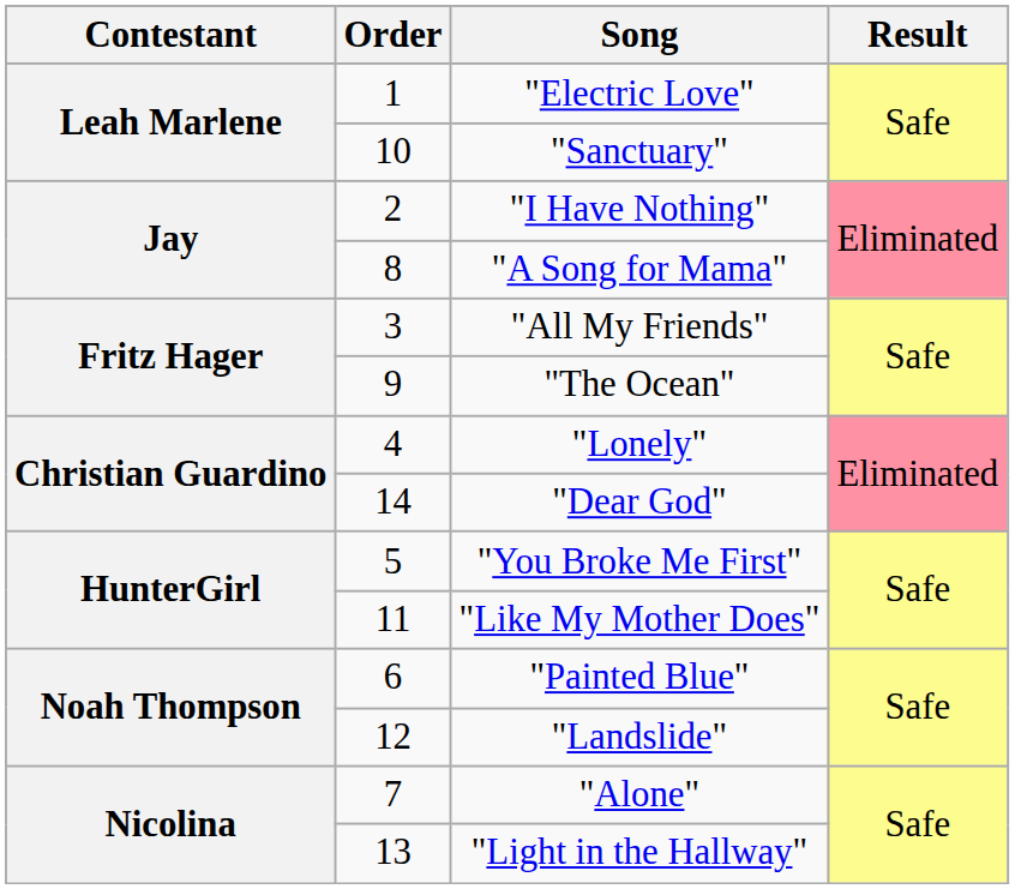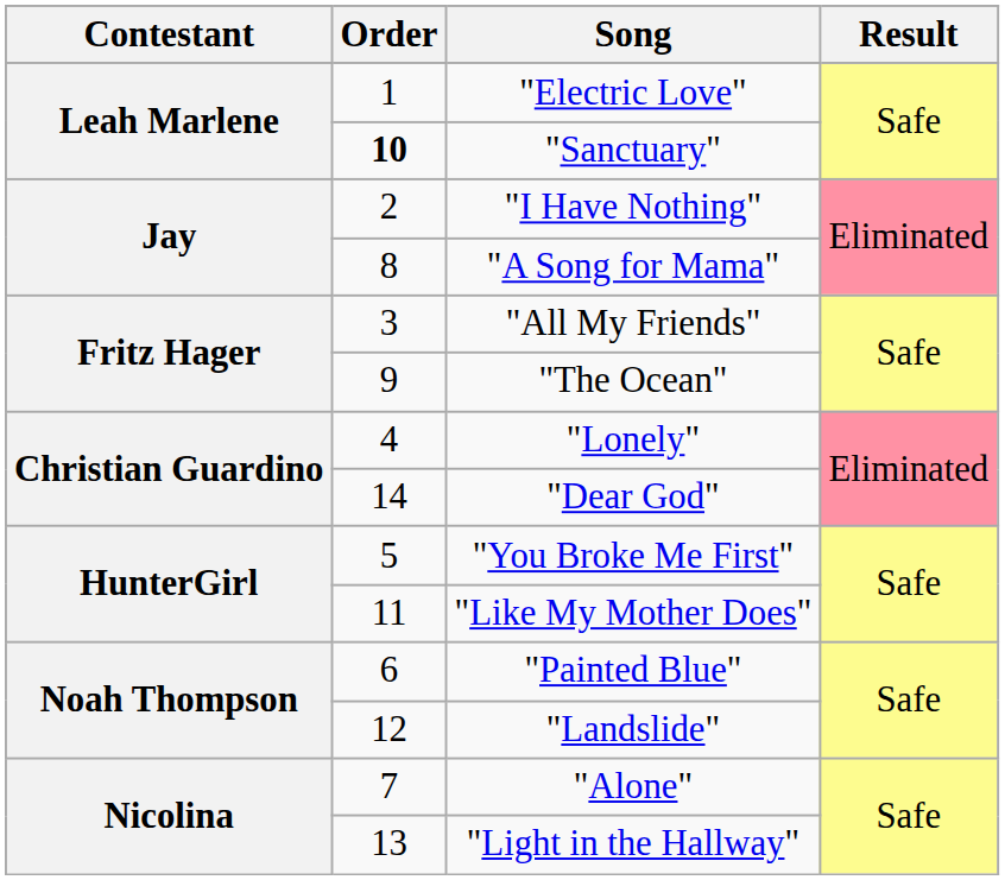 <table class="wikitable unsortable" style="text-align:center;">
 <tr>
 <th scope="col">Contestant</th>
 <th scope="col">Order</th>
 <th scope="col">Song</th>
 <th scope="col">Result</th>
 </tr>
 <tr>
 <th scope="row" rowspan="2">Leah Marlene</th>
 <td>1</td>
 <td>"<a href='#'>Electric Love</a>"</td>
 <td rowspan="2" style="background:#FDFC8F;">Safe</td>
 </tr>
 <tr>
-<td>10</td>
+<td><strong>10</strong></td>
 <td>"<a href='#'>Sanctuary</a>"</td>
 </tr>
 <tr>
 <th scope="row" rowspan="2">Jay</th>
 <td>2</td>
 <td>"<a href='#'>I Have Nothing</a>"</td>
 <td rowspan="2" bgcolor="FF91A4">Eliminated</td>
 </tr>
 <tr>
 <td>8</td>
 <td>"<a href='#'>A Song for Mama</a>"</td>
 </tr>
 <tr>
 <th scope="row" rowspan="2">Fritz Hager</th>
 <td>3</td>
 <td>"All My Friends"</td>
 <td rowspan="2" style="background:#FDFC8F;">Safe</td>
 </tr>
 <tr>
 <td>9</td>
 <td>"The Ocean"</td>
 </tr>
 <tr>
 <th scope="row" rowspan="2">Christian Guardino</th>
 <td>4</td>
 <td>"<a href='#'>Lonely</a>"</td>
 <td rowspan="2" bgcolor="FF91A4">Eliminated</td>
 </tr>
 <tr>
 <td>14</td>
 <td>"<a href='#'>Dear God</a>"</td>
 </tr>
 <tr>
 <th scope="row" rowspan="2">HunterGirl</th>
 <td>5</td>
 <td>"<a href='#'>You Broke Me First</a>"</td>
 <td rowspan="2" style="background:#FDFC8F;">Safe</td>
 </tr>
 <tr>
 <td>11</td>
 <td>"<a href='#'>Like My Mother Does</a>"</td>
 </tr>
 <tr>
 <th scope="row" rowspan="2">Noah Thompson</th>
 <td>6</td>
 <td>"<a href='#'>Painted Blue</a>"</td>
 <td rowspan="2" style="background:#FDFC8F;">Safe</td>
 </tr>
 <tr>
 <td>12</td>
 <td>"<a href='#'>Landslide</a>"</td>
 </tr>
 <tr>
 <th scope="row" rowspan="2">Nicolina</th>
 <td>7</td>
 <td>"<a href='#'>Alone</a>"</td>
 <td rowspan="2" style="background:#FDFC8F;">Safe</td>
 </tr>
 <tr>
 <td>13</td>
 <td>"<a href='#'>Light in the Hallway</a>"</td>
 </tr>
 </table>
